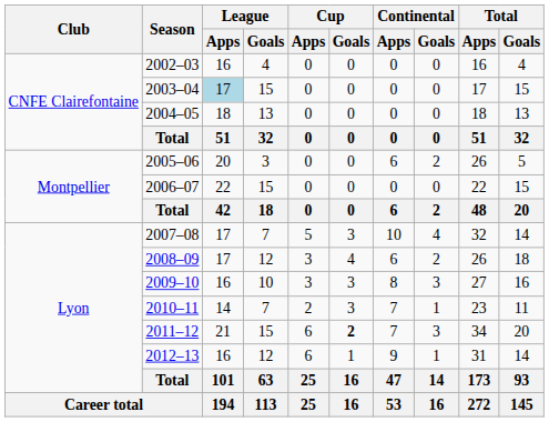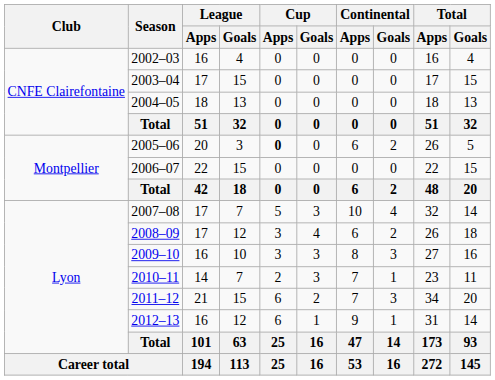 <table class="wikitable" style="text-align: center;">
 <tr>
 <th rowspan="2">Club</th>
 <th rowspan="2">Season</th>
 <th colspan="2">League</th>
 <th colspan="2">Cup</th>
 <th colspan="2">Continental</th>
 <th colspan="2">Total</th>
 </tr>
 <tr>
 <th>Apps</th>
 <th>Goals</th>
 <th>Apps</th>
 <th>Goals</th>
 <th>Apps</th>
 <th>Goals</th>
 <th>Apps</th>
 <th>Goals</th>
 </tr>
 <tr>
 <td rowspan="4" valign="center"><a href='#'>CNFE Clairefontaine</a></td>
 <td>2002–03</td>
 <td>16</td>
 <td>4</td>
 <td>0</td>
 <td>0</td>
 <td>0</td>
 <td>0</td>
 <td>16</td>
 <td>4</td>
 </tr>
 <tr>
 <td>2003–04</td>
-<td style="background: lightblue;">17</td>
+<td>17</td>
 <td>15</td>
 <td>0</td>
 <td>0</td>
 <td>0</td>
 <td>0</td>
 <td>17</td>
 <td>15</td>
 </tr>
 <tr>
 <td>2004–05</td>
 <td>18</td>
 <td>13</td>
 <td>0</td>
 <td>0</td>
 <td>0</td>
 <td>0</td>
 <td>18</td>
 <td>13</td>
 </tr>
 <tr>
 <th>Total</th>
 <th>51</th>
 <th>32</th>
 <th>0</th>
 <th>0</th>
 <th>0</th>
 <th>0</th>
 <th>51</th>
 <th>32</th>
 </tr>
 <tr>
 <td rowspan="3" valign="center"><a href='#'>Montpellier</a></td>
 <td>2005–06</td>
 <td>20</td>
 <td>3</td>
-<td>0</td>
+<td><strong>0</strong></td>
 <td>0</td>
 <td>6</td>
 <td>2</td>
 <td>26</td>
 <td>5</td>
 </tr>
 <tr>
 <td>2006–07</td>
 <td>22</td>
 <td>15</td>
 <td>0</td>
 <td>0</td>
 <td>0</td>
 <td>0</td>
 <td>22</td>
 <td>15</td>
 </tr>
 <tr>
 <th>Total</th>
 <th>42</th>
 <th>18</th>
 <th>0</th>
 <th>0</th>
 <th>6</th>
 <th>2</th>
 <th>48</th>
 <th>20</th>
 </tr>
 <tr>
 <td rowspan="7" valign="center"><a href='#'>Lyon</a></td>
 <td>2007–08</td>
 <td>17</td>
 <td>7</td>
 <td>5</td>
 <td>3</td>
 <td>10</td>
 <td>4</td>
 <td>32</td>
 <td>14</td>
 </tr>
 <tr>
 <td><a href='#'>2008–09</a></td>
 <td>17</td>
 <td>12</td>
 <td>3</td>
 <td>4</td>
 <td>6</td>
 <td>2</td>
 <td>26</td>
 <td>18</td>
 </tr>
 <tr>
 <td><a href='#'>2009–10</a></td>
 <td>16</td>
 <td>10</td>
 <td>3</td>
 <td>3</td>
 <td>8</td>
 <td>3</td>
 <td>27</td>
 <td>16</td>
 </tr>
 <tr>
 <td><a href='#'>2010–11</a></td>
 <td>14</td>
 <td>7</td>
 <td>2</td>
 <td>3</td>
 <td>7</td>
 <td>1</td>
 <td>23</td>
 <td>11</td>
 </tr>
 <tr>
 <td><a href='#'>2011–12</a></td>
 <td>21</td>
 <td>15</td>
 <td>6</td>
-<td><strong>2</strong></td>
+<td>2</td>
 <td>7</td>
 <td>3</td>
 <td>34</td>
 <td>20</td>
 </tr>
 <tr>
 <td><a href='#'>2012–13</a></td>
 <td>16</td>
 <td>12</td>
 <td>6</td>
 <td>1</td>
 <td>9</td>
 <td>1</td>
 <td>31</td>
 <td>14</td>
 </tr>
 <tr>
 <th>Total</th>
 <th>101</th>
 <th>63</th>
 <th>25</th>
 <th>16</th>
 <th>47</th>
 <th>14</th>
 <th>173</th>
 <th>93</th>
 </tr>
 <tr>
 <th colspan="2">Career total</th>
 <th>194</th>
 <th>113</th>
 <th>25</th>
 <th>16</th>
 <th>53</th>
 <th>16</th>
 <th>272</th>
 <th>145</th>
 </tr>
 </table>
